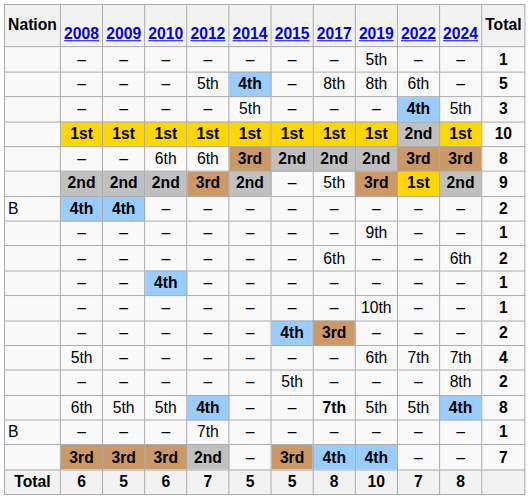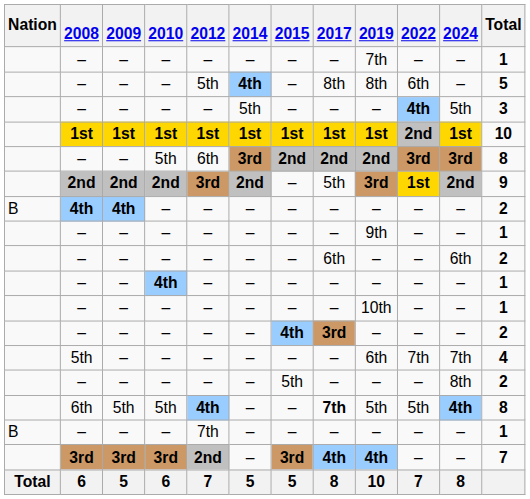 <table class="wikitable" style="text-align:center">
 <tr>
 <th>Nation</th>
 <th><br><a href='#'>2008</a></th>
 <th><br><a href='#'>2009</a></th>
 <th><br><a href='#'>2010</a></th>
 <th><br><a href='#'>2012</a></th>
 <th><br><a href='#'>2014</a></th>
 <th><br><a href='#'>2015</a></th>
 <th><br><a href='#'>2017</a></th>
 <th><br><a href='#'>2019</a></th>
 <th><br><a href='#'>2022</a></th>
 <th><br><a href='#'>2024</a></th>
 <th>Total</th>
 </tr>
 <tr>
 <td align=left></td>
 <td>–</td>
 <td>–</td>
 <td>–</td>
 <td>–</td>
 <td>–</td>
 <td>–</td>
 <td>–</td>
-<td>5th</td>
+<td>7th</td>
 <td>–</td>
 <td>–</td>
 <td><strong>1</strong></td>
 </tr>
 <tr>
 <td align=left></td>
 <td>–</td>
 <td>–</td>
 <td>–</td>
 <td>5th</td>
 <td bgcolor=9acdff><strong>4th</strong></td>
 <td>–</td>
 <td>8th</td>
 <td>8th</td>
 <td>6th</td>
 <td>–</td>
 <td><strong>5</strong></td>
 </tr>
 <tr>
 <td align=left></td>
 <td>–</td>
 <td>–</td>
 <td>–</td>
 <td>–</td>
 <td>5th</td>
 <td>–</td>
 <td>–</td>
 <td>–</td>
 <td bgcolor=9acdff><strong>4th</strong></td>
 <td>5th</td>
 <td><strong>3</strong></td>
 </tr>
 <tr>
 <td align=left></td>
 <td bgcolor=gold><strong>1st</strong></td>
 <td bgcolor=gold><strong>1st</strong></td>
 <td bgcolor=gold><strong>1st</strong></td>
 <td bgcolor=gold><strong>1st</strong></td>
 <td bgcolor=gold><strong>1st</strong></td>
 <td bgcolor=gold><strong>1st</strong></td>
 <td bgcolor=gold><strong>1st</strong></td>
 <td bgcolor=gold><strong>1st</strong></td>
 <td bgcolor=silver><strong>2nd</strong></td>
 <td bgcolor=gold><strong>1st</strong></td>
 <td><strong>10</strong></td>
 </tr>
 <tr>
 <td align=left></td>
 <td>–</td>
 <td>–</td>
-<td>6th</td>
+<td>5th</td>
 <td>6th</td>
 <td bgcolor=cc9966><strong>3rd</strong></td>
 <td bgcolor=silver><strong>2nd</strong></td>
 <td bgcolor=silver><strong>2nd</strong></td>
 <td bgcolor=silver><strong>2nd</strong></td>
 <td bgcolor=cc9966><strong>3rd</strong></td>
 <td bgcolor=cc9966><strong>3rd</strong></td>
 <td><strong>8</strong></td>
 </tr>
 <tr>
 <td align=left></td>
 <td bgcolor=silver><strong>2nd</strong></td>
 <td bgcolor=silver><strong>2nd</strong></td>
 <td bgcolor=silver><strong>2nd</strong></td>
 <td bgcolor=cc9966><strong>3rd</strong></td>
 <td bgcolor=silver><strong>2nd</strong></td>
 <td>–</td>
 <td>5th</td>
 <td bgcolor=cc9966><strong>3rd</strong></td>
 <td bgcolor=gold><strong>1st</strong></td>
 <td bgcolor=silver><strong>2nd</strong></td>
 <td><strong>9</strong></td>
 </tr>
 <tr>
 <td align=left> B</td>
 <td bgcolor=9acdff><strong>4th</strong></td>
 <td bgcolor=9acdff><strong>4th</strong></td>
 <td>–</td>
 <td>–</td>
 <td>–</td>
 <td>–</td>
 <td>–</td>
 <td>–</td>
 <td>–</td>
 <td>–</td>
 <td><strong>2</strong></td>
 </tr>
 <tr>
 <td align=left></td>
 <td>–</td>
 <td>–</td>
 <td>–</td>
 <td>–</td>
 <td>–</td>
 <td>–</td>
 <td>–</td>
 <td>9th</td>
 <td>–</td>
 <td>–</td>
 <td><strong>1</strong></td>
 </tr>
 <tr>
 <td align=left></td>
 <td>–</td>
 <td>–</td>
 <td>–</td>
 <td>–</td>
 <td>–</td>
 <td>–</td>
 <td>6th</td>
 <td>–</td>
 <td>–</td>
 <td>6th</td>
 <td><strong>2</strong></td>
 </tr>
 <tr>
 <td align=left></td>
 <td>–</td>
 <td>–</td>
 <td bgcolor=9acdff><strong>4th</strong></td>
 <td>–</td>
 <td>–</td>
 <td>–</td>
 <td>–</td>
 <td>–</td>
 <td>–</td>
 <td>–</td>
 <td><strong>1</strong></td>
 </tr>
 <tr>
 <td align=left></td>
 <td>–</td>
 <td>–</td>
 <td>–</td>
 <td>–</td>
 <td>–</td>
 <td>–</td>
 <td>–</td>
 <td>10th</td>
 <td>–</td>
 <td>–</td>
 <td><strong>1</strong></td>
 </tr>
 <tr>
 <td align=left></td>
 <td>–</td>
 <td>–</td>
 <td>–</td>
 <td>–</td>
 <td>–</td>
 <td bgcolor=9acdff><strong>4th</strong></td>
 <td bgcolor=cc9966><strong>3rd</strong></td>
 <td>–</td>
 <td>–</td>
 <td>–</td>
 <td><strong>2</strong></td>
 </tr>
 <tr>
 <td align=left></td>
 <td>5th</td>
 <td>–</td>
 <td>–</td>
 <td>–</td>
 <td>–</td>
 <td>–</td>
 <td>–</td>
 <td>6th</td>
 <td>7th</td>
 <td>7th</td>
 <td><strong>4</strong></td>
 </tr>
 <tr>
 <td align=left></td>
 <td>–</td>
 <td>–</td>
 <td>–</td>
 <td>–</td>
 <td>–</td>
 <td>5th</td>
 <td>–</td>
 <td>–</td>
 <td>–</td>
 <td>8th</td>
 <td><strong>2</strong></td>
 </tr>
 <tr>
 <td align=left></td>
 <td>6th</td>
 <td>5th</td>
 <td>5th</td>
 <td bgcolor=9acdff><strong>4th</strong></td>
 <td>–</td>
 <td>–</td>
 <td><strong>7th</strong></td>
 <td>5th</td>
 <td>5th</td>
 <td bgcolor=9acdff><strong>4th</strong></td>
 <td><strong>8</strong></td>
 </tr>
 <tr>
 <td align=left> B</td>
 <td>–</td>
 <td>–</td>
 <td>–</td>
 <td>7th</td>
 <td>–</td>
 <td>–</td>
 <td>–</td>
 <td>–</td>
 <td>–</td>
 <td>–</td>
 <td><strong>1</strong></td>
 </tr>
 <tr>
 <td align=left></td>
 <td bgcolor=cc9966><strong>3rd</strong></td>
 <td bgcolor=cc9966><strong>3rd</strong></td>
 <td bgcolor=cc9966><strong>3rd</strong></td>
 <td bgcolor=silver><strong>2nd</strong></td>
 <td>–</td>
 <td bgcolor=cc9966><strong>3rd</strong></td>
 <td bgcolor=9acdff><strong>4th</strong></td>
 <td bgcolor=9acdff><strong>4th</strong></td>
 <td>–</td>
 <td>–</td>
 <td><strong>7</strong></td>
 </tr>
 <tr>
 <th>Total</th>
 <th>6</th>
 <th>5</th>
 <th>6</th>
 <th>7</th>
 <th>5</th>
 <th>5</th>
 <th>8</th>
 <th>10</th>
 <th>7</th>
 <th>8</th>
 <th></th>
 </tr>
 </table>
